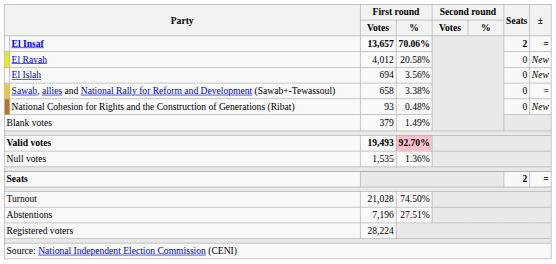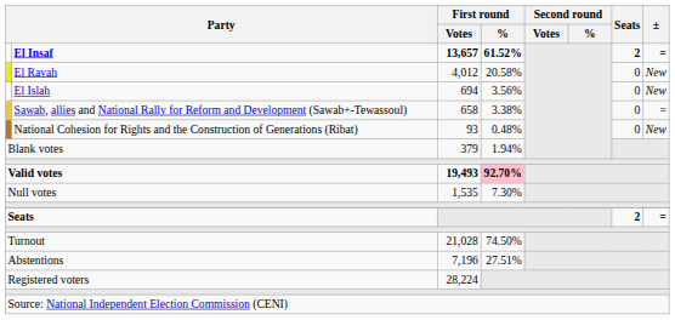 <table class="wikitable" style="text-align:right;font-size:95%;">
 <tr>
 <th rowspan="2" colspan="2" width="700">Party</th>
 <th colspan="2">First round</th>
 <th colspan="2">Second round</th>
 <th rowspan="2" width="25">Seats</th>
 <th rowspan="2" width="20">±</th>
 </tr>
 <tr>
 <th width="50">Votes</th>
 <th width="50">%</th>
 <th width="50">Votes</th>
 <th width="50">%</th>
 </tr>
 <tr>
 <td width="1" style="color:inherit;background:"></td>
 <td style="text-align:left;"><strong><a href='#'>El Insaf</a></strong></td>
 <td><strong>13,657</strong></td>
-<td><strong>70.06%</strong></td>
+<td><strong>61.52%</strong></td>
 <td colspan="2" rowspan="6" style="background:#E9E9E9;"></td>
 <td><strong>2</strong></td>
 <td><strong>=</strong></td>
 </tr>
 <tr>
 <td width="1" style="color:inherit;background:#E7EB16;"></td>
 <td style="text-align:left;"><a href='#'>El Ravah</a></td>
 <td>4,012</td>
 <td>20.58%</td>
 <td>0</td>
 <td><em>New</em></td>
 </tr>
 <tr>
 <td width="1" style="color:inherit;background:"></td>
 <td style="text-align:left;"><a href='#'>El Islah</a></td>
 <td>694</td>
 <td>3.56%</td>
 <td>0</td>
 <td><em>New</em></td>
 </tr>
 <tr>
 <td width="1" style="color:inherit;background:#F0C832;"></td>
 <td style="text-align:left;"><a href='#'>Sawab</a>, <a href='#'>allies</a> and <a href='#'>National Rally for Reform and Development</a> (Sawab+-Tewassoul)</td>
 <td>658</td>
 <td>3.38%</td>
 <td>0</td>
 <td>=</td>
 </tr>
 <tr>
 <td width="1" style="color:inherit;background:#B7752C;"></td>
 <td style="text-align:left;">National Cohesion for Rights and the Construction of Generations (Ribat)</td>
 <td>93</td>
 <td>0.48%</td>
 <td>0</td>
 <td><em>New</em></td>
 </tr>
 <tr>
 <td colspan="2" style="text-align:left;">Blank votes</td>
 <td>379</td>
-<td>1.49%</td>
+<td>1.94%</td>
 <td colspan="4" style="background:#E9E9E9;"></td>
 </tr>
 <tr>
 <td colspan="8" style="background:#E9E9E9;"></td>
 </tr>
 <tr style="font-weight:bold;">
 <td colspan="2" style="text-align:left;">Valid votes</td>
 <td>19,493</td>
 <td style="background: pink;">92.70%</td>
 <td colspan="4" style="background:#E9E9E9;"></td>
 </tr>
 <tr>
 <td colspan="2" style="text-align:left;">Null votes</td>
 <td>1,535</td>
-<td>1.36%</td>
+<td>7.30%</td>
 <td colspan="4" style="background:#E9E9E9;"></td>
 </tr>
 <tr>
 <td colspan="8" style="background:#E9E9E9;"></td>
 </tr>
 <tr>
 </tr>
 <tr style="font-weight:bold;">
 <td colspan="2" style="text-align:left;">Seats</td>
 <td colspan="4" style="background:#E9E9E9;"></td>
 <td>2</td>
 <td>=</td>
 </tr>
 <tr>
 <td colspan="8" style="background:#E9E9E9;"></td>
 </tr>
 <tr>
 <td colspan="2" style="text-align:left;">Turnout</td>
 <td>21,028</td>
 <td>74.50%</td>
 <td colspan="4" style="background:#E9E9E9;"></td>
 </tr>
 <tr>
 <td colspan="2" style="text-align:left;">Abstentions</td>
 <td>7,196</td>
 <td>27.51%</td>
 <td colspan="4" style="background:#E9E9E9;"></td>
 </tr>
 <tr>
 <td colspan="2" style="text-align:left;">Registered voters</td>
 <td>28,224</td>
 <td colspan="5" style="background:#E9E9E9;"></td>
 </tr>
 <tr>
 <td colspan="8" style="background:#E9E9E9;"></td>
 </tr>
 <tr>
 <td colspan="8" style="text-align:left;">Source: <a href='#'>National Independent Election Commission</a> (CENI)</td>
 </tr>
 </table>
